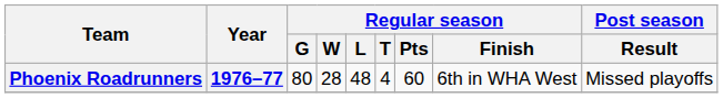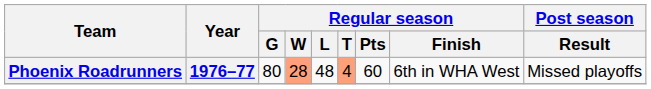 <table class="wikitable" style="font-size: 95%; text-align:center;">
 <tr>
 <th rowspan="2">Team</th>
 <th rowspan="2">Year</th>
 <th colspan="6"><a href='#'>Regular season</a></th>
 <th colspan="1"><a href='#'>Post season</a></th>
 </tr>
 <tr>
 <th>G</th>
 <th>W</th>
 <th>L</th>
 <th>T</th>
 <th>Pts</th>
 <th>Finish</th>
 <th>Result</th>
 </tr>
 <tr>
 <th><a href='#'>Phoenix Roadrunners</a></th>
 <th><a href='#'>1976–77</a></th>
 <td>80</td>
-<td>28</td>
+<td style="background: lightsalmon;">28</td>
 <td>48</td>
-<td>4</td>
+<td style="background: lightsalmon;">4</td>
 <td>60</td>
 <td>6th in WHA West</td>
 <td>Missed playoffs</td>
 </tr>
 <tr>
 </tr>
 </table>
